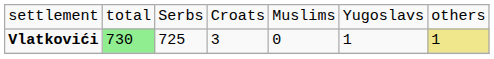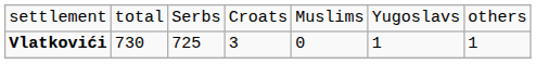 <table class="wikitable" style="font-size:95%;">
 <tr>
 <td>settlement</td>
 <td>total</td>
 <td>Serbs</td>
 <td>Croats</td>
 <td>Muslims</td>
 <td>Yugoslavs</td>
 <td>others</td>
 </tr>
 <tr>
 <td rowspan="1"><strong>Vlatkovići</strong></td>
-<td style="background: lightgreen;">730</td>
+<td>730</td>
 <td>725</td>
 <td>3</td>
 <td>0</td>
 <td>1</td>
-<td style="background: khaki;">1</td>
+<td>1</td>
 </tr>
 <tr>
 </tr>
 </table>
